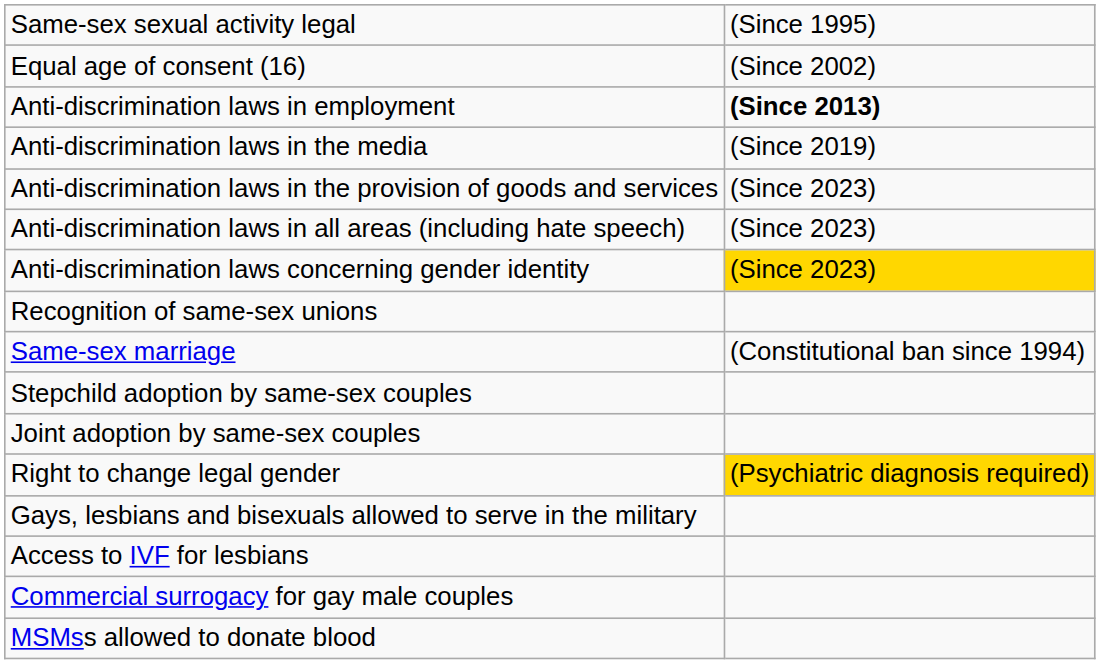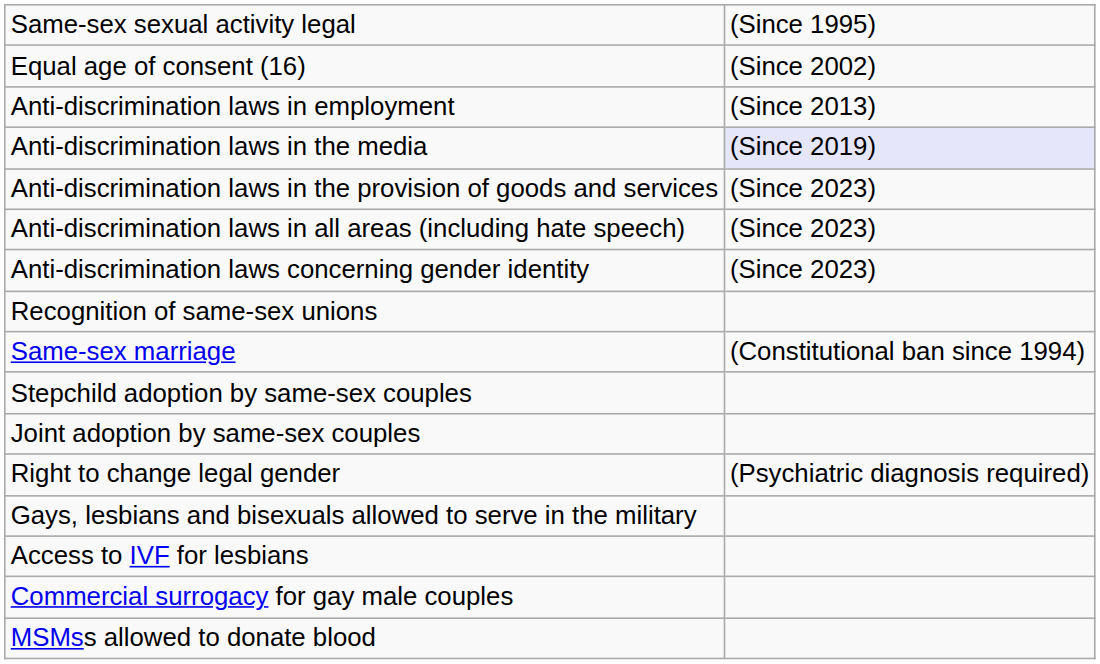 <table class="wikitable">
 <tr>
 <td>Same-sex sexual activity legal</td>
 <td> (Since 1995)</td>
 </tr>
 <tr>
 <td>Equal age of consent (16)</td>
 <td> (Since 2002)</td>
 </tr>
 <tr>
 <td>Anti-discrimination laws in employment</td>
-<td><strong> (Since 2013)</strong></td>
+<td> (Since 2013)</td>
 </tr>
 <tr>
 <td>Anti-discrimination laws in the media</td>
-<td> (Since 2019)</td>
+<td style="background: lavender;"> (Since 2019)</td>
 </tr>
 <tr>
 <td>Anti-discrimination laws in the provision of goods and services</td>
 <td> (Since 2023)</td>
 </tr>
 <tr>
 <td>Anti-discrimination laws in all areas (including hate speech)</td>
 <td> (Since 2023)</td>
 </tr>
 <tr>
 <td>Anti-discrimination laws concerning gender identity</td>
-<td style="background: gold;"> (Since 2023)</td>
+<td> (Since 2023)</td>
 </tr>
 <tr>
 <td>Recognition of same-sex unions</td>
 <td></td>
 </tr>
 <tr>
 <td><a href='#'>Same-sex marriage</a></td>
 <td> (Constitutional ban since 1994)</td>
 </tr>
 <tr>
 <td>Stepchild adoption by same-sex couples</td>
 <td></td>
 </tr>
 <tr>
 <td>Joint adoption by same-sex couples</td>
 <td></td>
 </tr>
 <tr>
 <td>Right to change legal gender</td>
-<td style="background: gold;"> (Psychiatric diagnosis required)</td>
+<td> (Psychiatric diagnosis required)</td>
 </tr>
 <tr>
 <td>Gays, lesbians and bisexuals allowed to serve in the military</td>
 <td> </td>
 </tr>
 <tr>
 <td>Access to <a href='#'>IVF</a> for lesbians</td>
 <td></td>
 </tr>
 <tr>
 <td><a href='#'>Commercial surrogacy</a> for gay male couples</td>
 <td></td>
 </tr>
 <tr>
 <td><a href='#'>MSMs</a>s allowed to donate blood</td>
 <td></td>
 </tr>
 </table>
